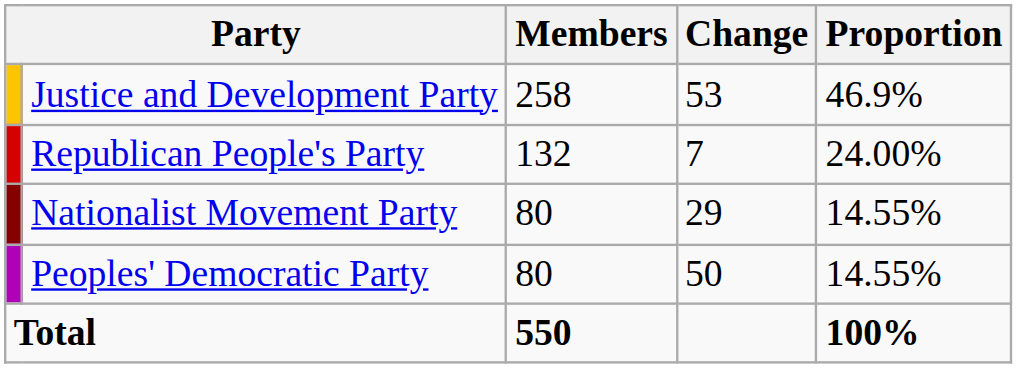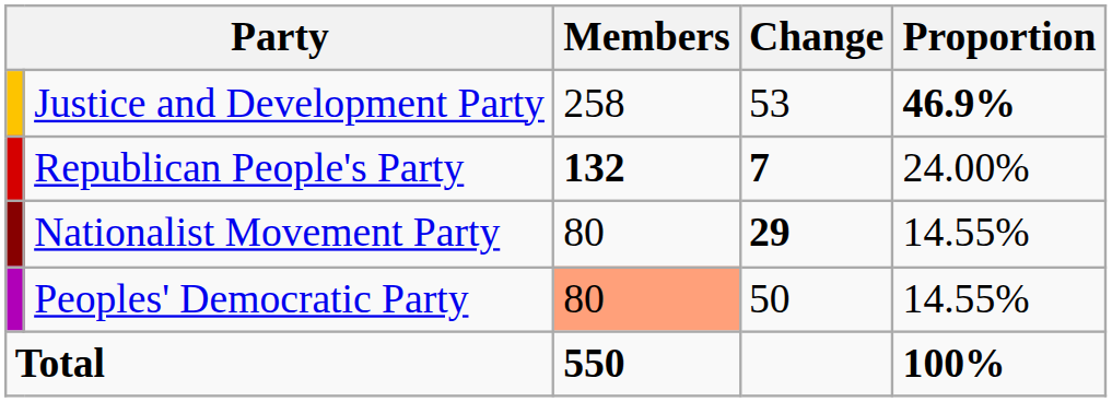 <table class="wikitable">
 <tr>
 <th colspan="2">Party</th>
 <th>Members</th>
 <th>Change</th>
 <th>Proportion</th>
 </tr>
 <tr>
 <td style="background: #fdc400"></td>
 <td><a href='#'>Justice and Development Party</a></td>
 <td>258</td>
 <td>53</td>
-<td>46.9%</td>
+<td><strong>46.9%</strong></td>
 </tr>
 <tr>
 <td style="background: #d50000"></td>
 <td><a href='#'>Republican People's Party</a></td>
-<td>132</td>
-<td>7</td>
+<td><strong>132</strong></td>
+<td><strong>7</strong></td>
 <td>24.00%</td>
 </tr>
 <tr>
 <td style="background: #870000"></td>
 <td><a href='#'>Nationalist Movement Party</a></td>
 <td>80</td>
-<td>29</td>
+<td><strong>29</strong></td>
 <td>14.55%</td>
 </tr>
 <tr>
 <td style="background: #B000B8"></td>
 <td><a href='#'>Peoples' Democratic Party</a></td>
-<td>80</td>
+<td style="background: lightsalmon;">80</td>
 <td>50</td>
 <td>14.55%</td>
 </tr>
 <tr>
 <td colspan="2"><strong>Total</strong></td>
 <td><strong>550</strong></td>
 <td></td>
 <td><strong>100%</strong></td>
 </tr>
 </table>
